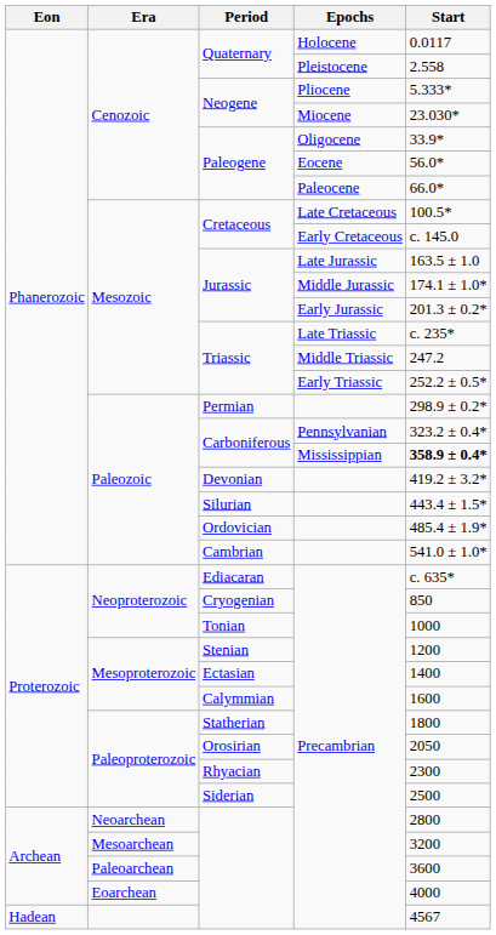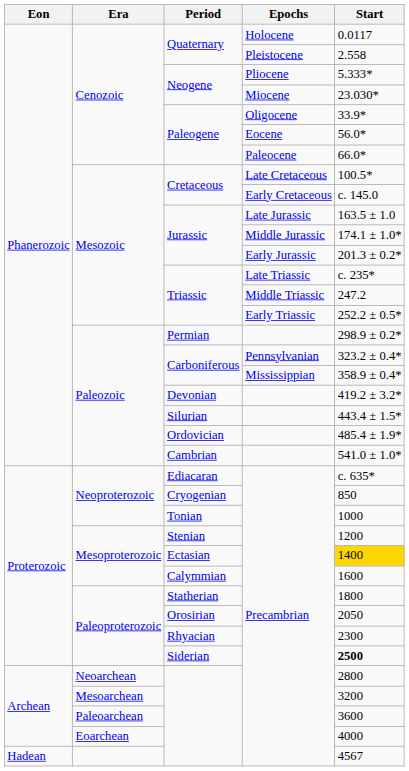 <table class="wikitable">
 <tr>
 <th>Eon</th>
 <th>Era</th>
 <th>Period</th>
 <th>Epochs</th>
 <th>Start</th>
 </tr>
 <tr>
 <td rowspan="22" style="background:"><a href='#'>Phanerozoic</a></td>
 <td rowspan="7" style="background:"><a href='#'>Cenozoic</a></td>
 <td rowspan="2" style="background:"><a href='#'>Quaternary</a></td>
 <td style="background:"><a href='#'>Holocene</a></td>
 <td>0.0117</td>
 </tr>
 <tr>
 <td style="background:"><a href='#'>Pleistocene</a></td>
 <td>2.558</td>
 </tr>
 <tr>
 <td rowspan="2" style="background:"><a href='#'>Neogene</a></td>
 <td style="background:"><a href='#'>Pliocene</a></td>
 <td>5.333*</td>
 </tr>
 <tr>
 <td style="background:"><a href='#'>Miocene</a></td>
 <td>23.030*</td>
 </tr>
 <tr>
 <td rowspan="3" style="background:"><a href='#'>Paleogene</a></td>
 <td style="background:"><a href='#'>Oligocene</a></td>
 <td>33.9*</td>
 </tr>
 <tr>
 <td style="background:"><a href='#'>Eocene</a></td>
 <td>56.0*</td>
 </tr>
 <tr>
 <td style="background:"><a href='#'>Paleocene</a></td>
 <td>66.0*</td>
 </tr>
 <tr>
 <td rowspan="8" style="background:"><a href='#'>Mesozoic</a></td>
 <td rowspan="2" style="background:"><a href='#'>Cretaceous</a></td>
 <td style="background:"><a href='#'>Late Cretaceous</a></td>
 <td>100.5*</td>
 </tr>
 <tr>
 <td style="background:"><a href='#'>Early Cretaceous</a></td>
 <td>c. 145.0</td>
 </tr>
 <tr>
 <td rowspan="3" style="background:"><a href='#'>Jurassic</a></td>
 <td style="background:"><a href='#'>Late Jurassic</a></td>
 <td>163.5 ± 1.0</td>
 </tr>
 <tr>
 <td style="background:"><a href='#'>Middle Jurassic</a></td>
 <td>174.1 ± 1.0*</td>
 </tr>
 <tr>
 <td style="background:"><a href='#'>Early Jurassic</a></td>
 <td>201.3 ± 0.2*</td>
 </tr>
 <tr>
 <td rowspan="3" style="background:"><a href='#'>Triassic</a></td>
 <td style="background:"><a href='#'>Late Triassic</a></td>
 <td>c. 235*</td>
 </tr>
 <tr>
 <td style="background:"><a href='#'>Middle Triassic</a></td>
 <td>247.2</td>
 </tr>
 <tr>
 <td style="background:"><a href='#'>Early Triassic</a></td>
 <td>252.2 ± 0.5*</td>
 </tr>
 <tr>
 <td rowspan="7" style="background:"><a href='#'>Paleozoic</a></td>
 <td style="background:"><a href='#'>Permian</a></td>
 <td style="background:"></td>
 <td>298.9 ± 0.2*</td>
 </tr>
 <tr>
 <td rowspan="2" style="background:"><a href='#'>Carboniferous</a></td>
 <td style="background:"><a href='#'>Pennsylvanian</a></td>
 <td>323.2 ± 0.4*</td>
 </tr>
 <tr>
 <td style="background:"><a href='#'>Mississippian</a></td>
-<td><strong>358.9 ± 0.4*</strong></td>
+<td>358.9 ± 0.4*</td>
 </tr>
 <tr>
 <td style="background:"><a href='#'>Devonian</a></td>
 <td style="background:"></td>
 <td>419.2 ± 3.2*</td>
 </tr>
 <tr>
 <td style="background:"><a href='#'>Silurian</a></td>
 <td style="background:"></td>
 <td>443.4 ± 1.5*</td>
 </tr>
 <tr>
 <td style="background:"><a href='#'>Ordovician</a></td>
 <td style="background:"></td>
 <td>485.4 ± 1.9*</td>
 </tr>
 <tr>
 <td style="background:"><a href='#'>Cambrian</a></td>
 <td style="background:"></td>
 <td>541.0 ± 1.0*</td>
 </tr>
 <tr>
 <td rowspan="10" style="background:"><a href='#'>Proterozoic</a></td>
 <td rowspan="3" style="background:"><a href='#'>Neoproterozoic</a></td>
 <td style="background:"><a href='#'>Ediacaran</a></td>
 <td rowspan="15" style="background:"><a href='#'>Precambrian</a></td>
 <td>c. 635*</td>
 </tr>
 <tr>
 <td style="background:"><a href='#'>Cryogenian</a></td>
 <td>850</td>
 </tr>
 <tr>
 <td style="background:"><a href='#'>Tonian</a></td>
 <td>1000</td>
 </tr>
 <tr>
 <td rowspan="3" style="background:"><a href='#'>Mesoproterozoic</a></td>
 <td style="background:"><a href='#'>Stenian</a></td>
 <td>1200</td>
 </tr>
 <tr>
 <td style="background:"><a href='#'>Ectasian</a></td>
-<td>1400</td>
+<td style="background: gold;">1400</td>
 </tr>
 <tr>
 <td style="background:"><a href='#'>Calymmian</a></td>
 <td>1600</td>
 </tr>
 <tr>
 <td rowspan="4" style="background:"><a href='#'>Paleoproterozoic</a></td>
 <td style="background:"><a href='#'>Statherian</a></td>
 <td>1800</td>
 </tr>
 <tr>
 <td style="background:"><a href='#'>Orosirian</a></td>
 <td>2050</td>
 </tr>
 <tr>
 <td style="background:"><a href='#'>Rhyacian</a></td>
 <td>2300</td>
 </tr>
 <tr>
 <td style="background:"><a href='#'>Siderian</a></td>
-<td>2500</td>
+<td><strong>2500</strong></td>
 </tr>
 <tr>
 <td rowspan="4" style="background:"><a href='#'>Archean</a></td>
 <td style="background:"><a href='#'>Neoarchean</a></td>
 <td rowspan="5"></td>
 <td>2800</td>
 </tr>
 <tr>
 <td style="background:"><a href='#'>Mesoarchean</a></td>
 <td>3200</td>
 </tr>
 <tr>
 <td style="background:"><a href='#'>Paleoarchean</a></td>
 <td>3600</td>
 </tr>
 <tr>
 <td style="background:"><a href='#'>Eoarchean</a></td>
 <td>4000</td>
 </tr>
 <tr>
 <td style="background:"><a href='#'>Hadean</a></td>
 <td></td>
 <td>4567</td>
 </tr>
 </table>
